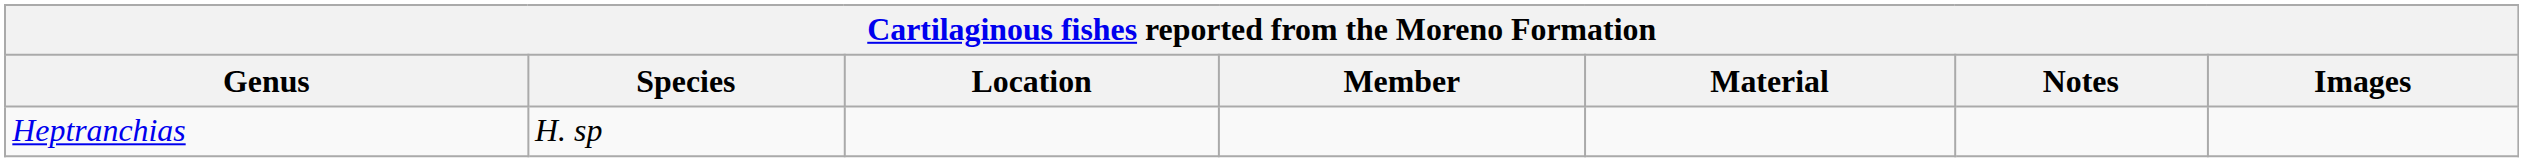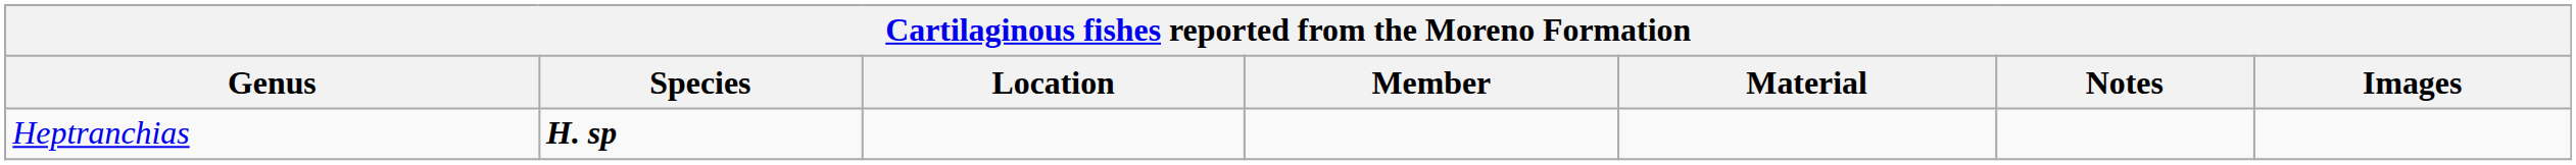 <table class="wikitable" align="center" width="100%">
 <tr>
 <th colspan="7" align="center"><strong><a href='#'>Cartilaginous fishes</a> reported from the Moreno Formation</strong></th>
 </tr>
 <tr>
 <th>Genus</th>
 <th>Species</th>
 <th>Location</th>
 <th>Member</th>
 <th>Material</th>
 <th>Notes</th>
 <th>Images</th>
 </tr>
 <tr>
 <td><em><a href='#'>Heptranchias</a></em></td>
-<td><em>H. sp</em></td>
+<td><strong><em>H. sp</em></strong></td>
 <td></td>
 <td></td>
 <td></td>
 <td></td>
 <td></td>
 </tr>
 </table>
